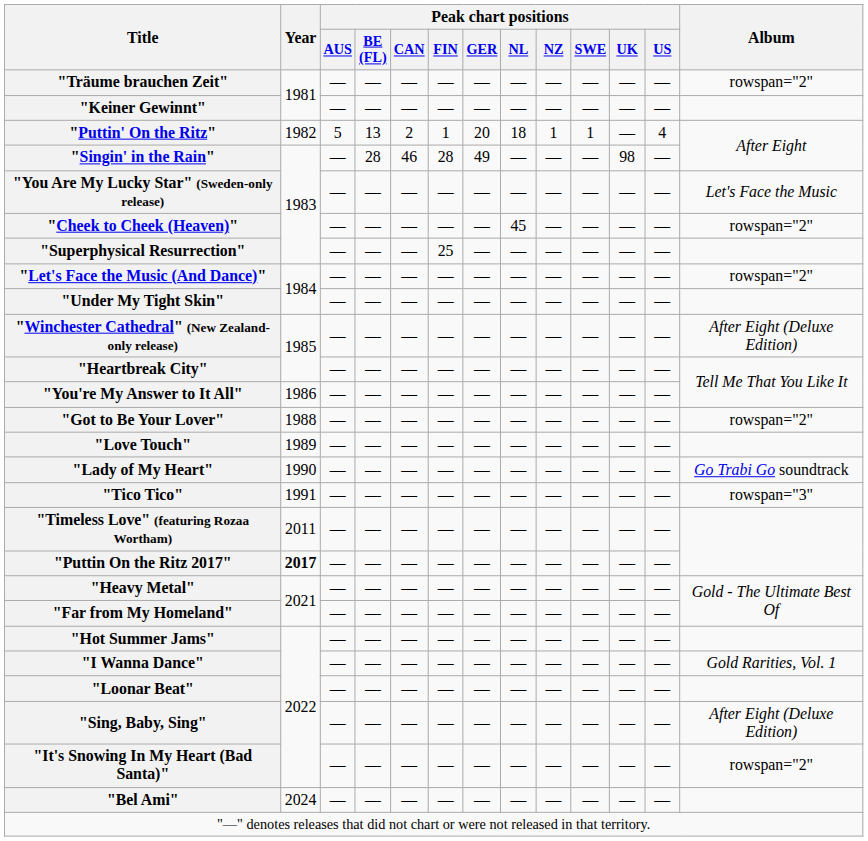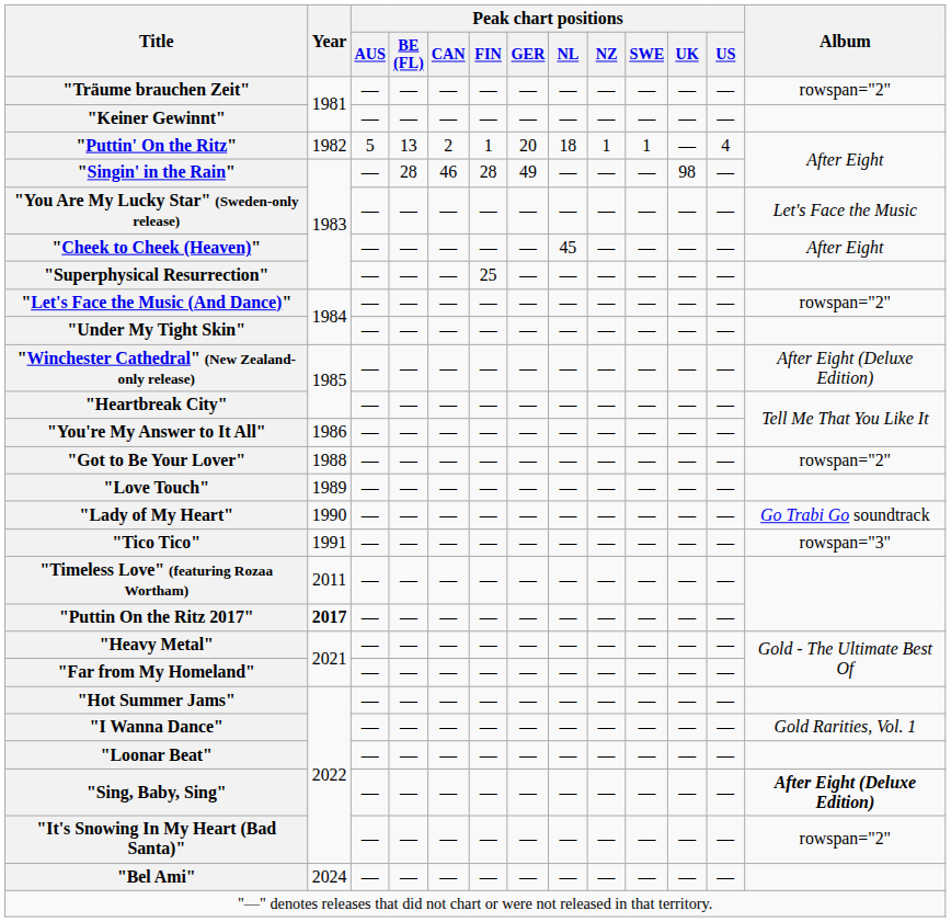 <table class="wikitable plainrowheaders" style="text-align:center;">
 <tr>
 <th rowspan="2" scope="col" style="width:17em;">Title</th>
 <th rowspan="2" scope="col" style="width:2em;">Year</th>
 <th colspan="10">Peak chart positions</th>
 <th rowspan="2">Album</th>
 </tr>
 <tr>
 <th scope="col" style="width:2em;font-size:90%;"><a href='#'>AUS</a><br></th>
 <th scope="col" style="width:2em;font-size:90%;"><a href='#'>BE (FL)</a><br></th>
 <th scope="col" style="width:2em;font-size:90%;"><a href='#'>CAN</a><br></th>
 <th scope="col" style="width:2em;font-size:90%;"><a href='#'>FIN</a><br></th>
 <th scope="col" style="width:2em;font-size:90%;"><a href='#'>GER</a><br></th>
 <th scope="col" style="width:2em;font-size:90%;"><a href='#'>NL</a><br></th>
 <th scope="col" style="width:2em;font-size:90%;"><a href='#'>NZ</a><br></th>
 <th scope="col" style="width:2em;font-size:90%;"><a href='#'>SWE</a><br></th>
 <th scope="col" style="width:2em;font-size:90%;"><a href='#'>UK</a><br></th>
 <th scope="col" style="width:2em;font-size:90%;"><a href='#'>US</a><br></th>
 </tr>
 <tr>
 <th scope="row">"Träume brauchen Zeit"</th>
 <td rowspan="2">1981</td>
 <td>—</td>
 <td>—</td>
 <td>—</td>
 <td>—</td>
 <td>—</td>
 <td>—</td>
 <td>—</td>
 <td>—</td>
 <td>—</td>
 <td>—</td>
 <td>rowspan="2" </td>
 </tr>
 <tr>
 <th scope="row">"Keiner Gewinnt"</th>
 <td>—</td>
 <td>—</td>
 <td>—</td>
 <td>—</td>
 <td>—</td>
 <td>—</td>
 <td>—</td>
 <td>—</td>
 <td>—</td>
 <td>—</td>
 </tr>
 <tr>
 <th scope="row">"<a href='#'>Puttin' On the Ritz</a>"</th>
 <td>1982</td>
 <td>5</td>
 <td>13</td>
 <td>2</td>
 <td>1</td>
 <td>20</td>
 <td>18</td>
 <td>1</td>
 <td>1</td>
 <td>—</td>
 <td>4</td>
 <td rowspan="2"><em>After Eight</em></td>
 </tr>
 <tr>
 <th scope="row">"<a href='#'>Singin' in the Rain</a>"</th>
 <td rowspan="4">1983</td>
 <td>—</td>
 <td>28</td>
 <td>46</td>
 <td>28</td>
 <td>49</td>
 <td>—</td>
 <td>—</td>
 <td>—</td>
 <td>98</td>
 <td>—</td>
 </tr>
 <tr>
 <th scope="row">"You Are My Lucky Star" <small>(Sweden-only release)</small></th>
 <td>—</td>
 <td>—</td>
 <td>—</td>
 <td>—</td>
 <td>—</td>
 <td>—</td>
 <td>—</td>
 <td>—</td>
 <td>—</td>
 <td>—</td>
 <td><em>Let's Face the Music</em></td>
 </tr>
 <tr>
 <th scope="row">"<a href='#'>Cheek to Cheek (Heaven)</a>"</th>
 <td>—</td>
 <td>—</td>
 <td>—</td>
 <td>—</td>
 <td>—</td>
 <td>45</td>
 <td>—</td>
 <td>—</td>
 <td>—</td>
 <td>—</td>
-<td>rowspan="2" </td>
+<td><em>After Eight</em></td>
 </tr>
 <tr>
 <th scope="row">"Superphysical Resurrection"</th>
 <td>—</td>
 <td>—</td>
 <td>—</td>
 <td>25</td>
 <td>—</td>
 <td>—</td>
 <td>—</td>
 <td>—</td>
 <td>—</td>
 <td>—</td>
 <td></td>
 </tr>
 <tr>
 <th scope="row">"<a href='#'>Let's Face the Music (And Dance)</a>"</th>
 <td rowspan="2">1984</td>
 <td>—</td>
 <td>—</td>
 <td>—</td>
 <td>—</td>
 <td>—</td>
 <td>—</td>
 <td>—</td>
 <td>—</td>
 <td>—</td>
 <td>—</td>
 <td>rowspan="2" </td>
 </tr>
 <tr>
 <th scope="row">"Under My Tight Skin"</th>
 <td>—</td>
 <td>—</td>
 <td>—</td>
 <td>—</td>
 <td>—</td>
 <td>—</td>
 <td>—</td>
 <td>—</td>
 <td>—</td>
 <td>—</td>
 <td></td>
 </tr>
 <tr>
 <th scope="row">"<a href='#'>Winchester Cathedral</a>" <small>(New Zealand-only release)</small></th>
 <td rowspan="2">1985</td>
 <td>—</td>
 <td>—</td>
 <td>—</td>
 <td>—</td>
 <td>—</td>
 <td>—</td>
 <td>—</td>
 <td>—</td>
 <td>—</td>
 <td>—</td>
 <td><em>After Eight (Deluxe Edition)</em></td>
 </tr>
 <tr>
 <th scope="row">"Heartbreak City"</th>
 <td>—</td>
 <td>—</td>
 <td>—</td>
 <td>—</td>
 <td>—</td>
 <td>—</td>
 <td>—</td>
 <td>—</td>
 <td>—</td>
 <td>—</td>
 <td rowspan="2"><em>Tell Me That You Like It</em></td>
 </tr>
 <tr>
 <th scope="row">"You're My Answer to It All"</th>
 <td>1986</td>
 <td>—</td>
 <td>—</td>
 <td>—</td>
 <td>—</td>
 <td>—</td>
 <td>—</td>
 <td>—</td>
 <td>—</td>
 <td>—</td>
 <td>—</td>
 </tr>
 <tr>
 <th scope="row">"Got to Be Your Lover"</th>
 <td>1988</td>
 <td>—</td>
 <td>—</td>
 <td>—</td>
 <td>—</td>
 <td>—</td>
 <td>—</td>
 <td>—</td>
 <td>—</td>
 <td>—</td>
 <td>—</td>
 <td>rowspan="2" </td>
 </tr>
 <tr>
 <th scope="row">"Love Touch"</th>
 <td>1989</td>
 <td>—</td>
 <td>—</td>
 <td>—</td>
 <td>—</td>
 <td>—</td>
 <td>—</td>
 <td>—</td>
 <td>—</td>
 <td>—</td>
 <td>—</td>
 </tr>
 <tr>
 <th scope="row">"Lady of My Heart"</th>
 <td>1990</td>
 <td>—</td>
 <td>—</td>
 <td>—</td>
 <td>—</td>
 <td>—</td>
 <td>—</td>
 <td>—</td>
 <td>—</td>
 <td>—</td>
 <td>—</td>
 <td><em><a href='#'>Go Trabi Go</a></em> soundtrack</td>
 </tr>
 <tr>
 <th scope="row">"Tico Tico"</th>
 <td>1991</td>
 <td>—</td>
 <td>—</td>
 <td>—</td>
 <td>—</td>
 <td>—</td>
 <td>—</td>
 <td>—</td>
 <td>—</td>
 <td>—</td>
 <td>—</td>
 <td>rowspan="3" </td>
 </tr>
 <tr>
 <th scope="row">"Timeless Love" <small>(featuring Rozaa Wortham)</small></th>
 <td>2011</td>
 <td>—</td>
 <td>—</td>
 <td>—</td>
 <td>—</td>
 <td>—</td>
 <td>—</td>
 <td>—</td>
 <td>—</td>
 <td>—</td>
 <td>—</td>
 </tr>
 <tr>
 <th scope="row">"Puttin On the Ritz 2017"</th>
 <td><strong>2017</strong></td>
 <td>—</td>
 <td>—</td>
 <td>—</td>
 <td>—</td>
 <td>—</td>
 <td>—</td>
 <td>—</td>
 <td>—</td>
 <td>—</td>
 <td>—</td>
 </tr>
 <tr>
 <th scope="row">"Heavy Metal"</th>
 <td rowspan="2">2021</td>
 <td>—</td>
 <td>—</td>
 <td>—</td>
 <td>—</td>
 <td>—</td>
 <td>—</td>
 <td>—</td>
 <td>—</td>
 <td>—</td>
 <td>—</td>
 <td rowspan="2"><em>Gold - The Ultimate Best Of</em></td>
 </tr>
 <tr>
 <th scope="row">"Far from My Homeland"</th>
 <td>—</td>
 <td>—</td>
 <td>—</td>
 <td>—</td>
 <td>—</td>
 <td>—</td>
 <td>—</td>
 <td>—</td>
 <td>—</td>
 <td>—</td>
 </tr>
 <tr>
 <th scope="row">"Hot Summer Jams"</th>
 <td rowspan="5">2022</td>
 <td>—</td>
 <td>—</td>
 <td>—</td>
 <td>—</td>
 <td>—</td>
 <td>—</td>
 <td>—</td>
 <td>—</td>
 <td>—</td>
 <td>—</td>
 <td></td>
 </tr>
 <tr>
 <th scope="row">"I Wanna Dance"</th>
 <td>—</td>
 <td>—</td>
 <td>—</td>
 <td>—</td>
 <td>—</td>
 <td>—</td>
 <td>—</td>
 <td>—</td>
 <td>—</td>
 <td>—</td>
 <td><em>Gold Rarities, Vol. 1</em></td>
 </tr>
 <tr>
 <th scope="row">"Loonar Beat"</th>
 <td>—</td>
 <td>—</td>
 <td>—</td>
 <td>—</td>
 <td>—</td>
 <td>—</td>
 <td>—</td>
 <td>—</td>
 <td>—</td>
 <td>—</td>
 <td></td>
 </tr>
 <tr>
 <th scope="row">"Sing, Baby, Sing"</th>
 <td>—</td>
 <td>—</td>
 <td>—</td>
 <td>—</td>
 <td>—</td>
 <td>—</td>
 <td>—</td>
 <td>—</td>
 <td>—</td>
 <td>—</td>
-<td><em>After Eight (Deluxe Edition)</em></td>
+<td><strong><em>After Eight (Deluxe Edition)</em></strong></td>
 </tr>
 <tr>
 <th scope="row">"It's Snowing In My Heart (Bad Santa)"</th>
 <td>—</td>
 <td>—</td>
 <td>—</td>
 <td>—</td>
 <td>—</td>
 <td>—</td>
 <td>—</td>
 <td>—</td>
 <td>—</td>
 <td>—</td>
 <td>rowspan="2" </td>
 </tr>
 <tr>
 <th scope="row">"Bel Ami"</th>
 <td rowspan="1">2024</td>
 <td>—</td>
 <td>—</td>
 <td>—</td>
 <td>—</td>
 <td>—</td>
 <td>—</td>
 <td>—</td>
 <td>—</td>
 <td>—</td>
 <td>—</td>
 </tr>
 <tr>
 <td colspan="13" style="font-size:90%">"—" denotes releases that did not chart or were not released in that territory.</td>
 </tr>
 </table>
